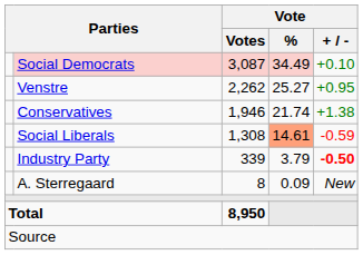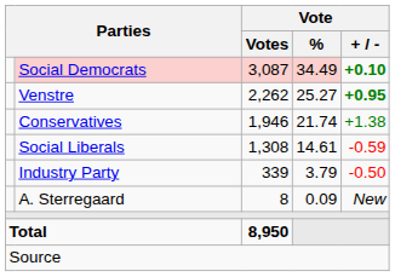 <table class="wikitable" style="text-align:right;">
 <tr>
 <th style="text-align:centre;" rowspan="2" colspan="2" width="225">Parties</th>
 <th colspan="3">Vote</th>
 </tr>
 <tr>
 <th width="15">Votes</th>
 <th width="15">%</th>
 <th width="15">+ / -</th>
 </tr>
 <tr>
 <td width="2" style="color:inherit;background:"></td>
 <td bgcolor=#fbd0ce  align="left"><a href='#'>Social Democrats</a></td>
 <td bgcolor=#fbd0ce>3,087</td>
 <td bgcolor=#fbd0ce>34.49</td>
-<td style=color:green;>+0.10</td>
+<td style=color:green;><strong>+0.10</strong></td>
 </tr>
 <tr>
 <td width="2" style="color:inherit;background:"></td>
 <td align="left"><a href='#'>Venstre</a></td>
 <td>2,262</td>
 <td>25.27</td>
-<td style=color:green;>+0.95</td>
+<td style=color:green;><strong>+0.95</strong></td>
 </tr>
 <tr>
 <td width="2" style="color:inherit;background:"></td>
 <td align="left"><a href='#'>Conservatives</a></td>
 <td>1,946</td>
 <td>21.74</td>
 <td style=color:green;>+1.38</td>
 </tr>
 <tr>
 <td width="2" style="color:inherit;background:"></td>
 <td align="left"><a href='#'>Social Liberals</a></td>
 <td>1,308</td>
-<td style="background: lightsalmon;">14.61</td>
+<td>14.61</td>
 <td style=color:red;>-0.59</td>
 </tr>
 <tr>
 <td width="2" style="color:inherit;background:"></td>
 <td align="left"><a href='#'>Industry Party</a></td>
 <td>339</td>
 <td>3.79</td>
-<td style=color:red;><strong>-0.50</strong></td>
+<td style=color:red;>-0.50</td>
 </tr>
 <tr>
 <td width="2" style="color:inherit;background:"></td>
 <td align="left">A. Sterregaard</td>
 <td>8</td>
 <td>0.09</td>
 <td><em>New</em></td>
 </tr>
 <tr>
 <td colspan="7" bgcolor="#E9E9E9"></td>
 </tr>
 <tr>
 <td align="left" colspan="2"><strong>Total</strong></td>
 <td><strong>8,950</strong></td>
 <td bgcolor="#E9E9E9" colspan="2"></td>
 </tr>
 <tr>
 <td align="left" colspan="6">Source</td>
 </tr>
 </table>
